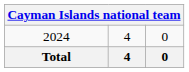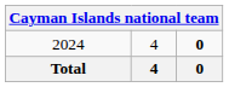 <table class="wikitable" style="text-align:center">
 <tr>
 <th colspan=3><a href='#'>Cayman Islands national team</a></th>
 </tr>
 <tr>
 <td>2024</td>
 <td>4</td>
-<td>0</td>
+<td><strong>0</strong></td>
 </tr>
 <tr>
 <th>Total</th>
 <th>4</th>
 <th>0</th>
 </tr>
 </table>
